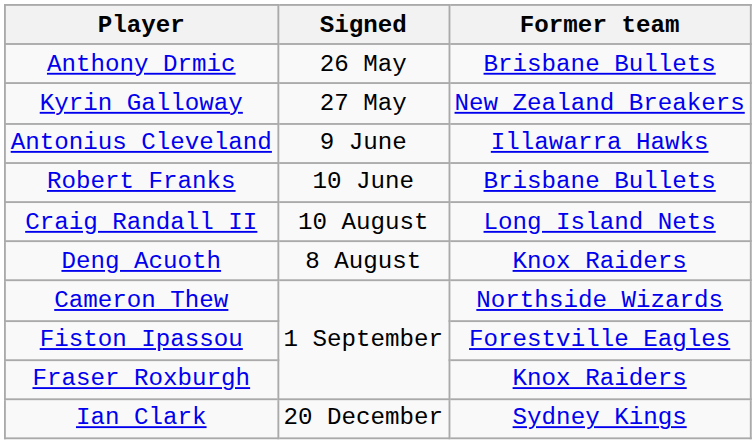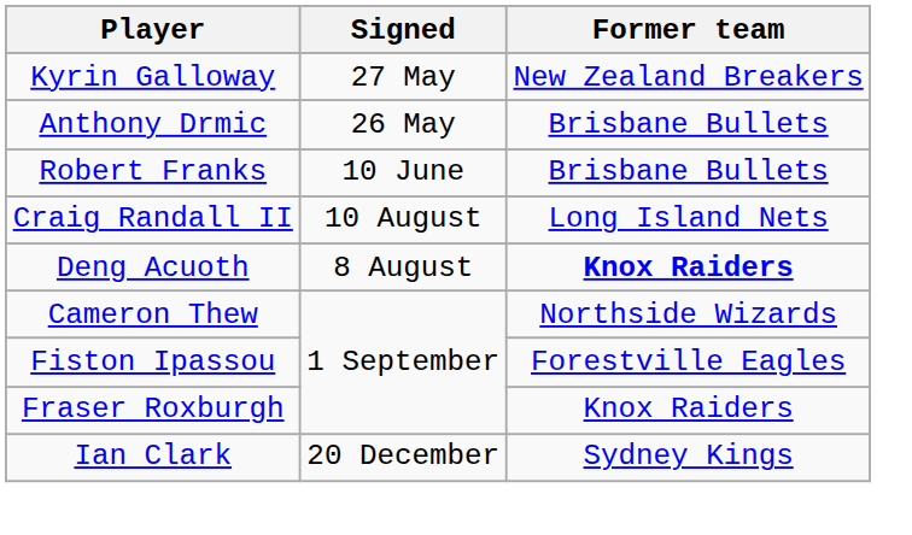 <table class="wikitable sortable sortable" style="text-align: center">
 <tr>
 <th>Player</th>
 <th>Signed</th>
 <th>Former team</th>
 </tr>
 <tr>
-<td><a href='#'>Anthony Drmic</a></td>
-<td>26 May</td>
-<td><a href='#'>Brisbane Bullets</a></td>
-</tr>
-<tr>
 <td><a href='#'>Kyrin Galloway</a></td>
 <td>27 May</td>
 <td><a href='#'>New Zealand Breakers</a></td>
 </tr>
 <tr>
-<td><a href='#'>Antonius Cleveland</a></td>
-<td>9 June</td>
-<td><a href='#'>Illawarra Hawks</a></td>
+<td><a href='#'>Anthony Drmic</a></td>
+<td>26 May</td>
+<td><a href='#'>Brisbane Bullets</a></td>
 </tr>
 <tr>
 <td><a href='#'>Robert Franks</a></td>
 <td>10 June</td>
 <td><a href='#'>Brisbane Bullets</a></td>
 </tr>
 <tr>
 <td><a href='#'>Craig Randall II</a></td>
 <td>10 August</td>
 <td><a href='#'>Long Island Nets</a></td>
 </tr>
 <tr>
 <td><a href='#'>Deng Acuoth</a></td>
 <td>8 August</td>
-<td><a href='#'>Knox Raiders</a></td>
+<td><strong><a href='#'>Knox Raiders</a></strong></td>
 </tr>
 <tr>
 <td><a href='#'>Cameron Thew</a></td>
 <td rowspan="3">1 September</td>
 <td><a href='#'>Northside Wizards</a></td>
 </tr>
 <tr>
 <td><a href='#'>Fiston Ipassou</a></td>
 <td><a href='#'>Forestville Eagles</a></td>
 </tr>
 <tr>
 <td><a href='#'>Fraser Roxburgh</a></td>
 <td><a href='#'>Knox Raiders</a></td>
 </tr>
 <tr>
 <td><a href='#'>Ian Clark</a></td>
 <td>20 December</td>
 <td><a href='#'>Sydney Kings</a></td>
 </tr>
 </table>
